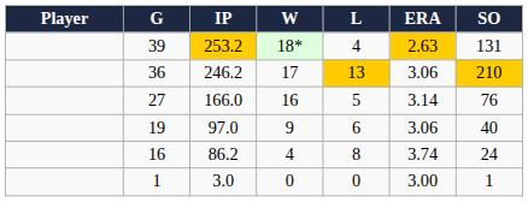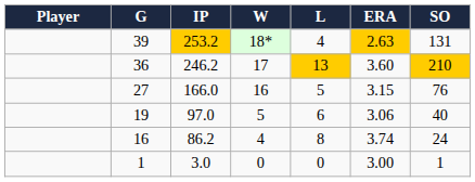 <table class="wikitable sortable" style="text-align:center;">
 <tr>
 <th style="background:#1c2841;color:white;" width="16%">Player</th>
 <th style="background:#1c2841;color:white;" width="9%">G</th>
 <th style="background:#1c2841;color:white;" width="9%">IP</th>
 <th style="background:#1c2841;color:white;" width="9%">W</th>
 <th style="background:#1c2841;color:white;" width="9%">L</th>
 <th style="background:#1c2841;color:white;" width="9%">ERA</th>
 <th style="background:#1c2841;color:white;" width="9%">SO</th>
 </tr>
 <tr align="center">
 <td></td>
 <td>39</td>
 <td style="background:#fc0;">253.2</td>
 <td style="background:#DDFFDD;">18*</td>
 <td>4</td>
 <td style="background:#fc0;">2.63</td>
 <td>131</td>
 </tr>
 <tr align="center">
 <td></td>
 <td>36</td>
 <td>246.2</td>
 <td>17</td>
 <td style="background:#fc0;">13</td>
-<td>3.06</td>
+<td>3.60</td>
 <td style="background:#fc0;">210</td>
 </tr>
 <tr align="center">
 <td></td>
 <td>27</td>
 <td>166.0</td>
 <td>16</td>
 <td>5</td>
-<td>3.14</td>
+<td>3.15</td>
 <td>76</td>
 </tr>
 <tr align="center">
 <td></td>
 <td>19</td>
 <td>97.0</td>
-<td>9</td>
+<td>5</td>
 <td>6</td>
 <td>3.06</td>
 <td>40</td>
 </tr>
 <tr align="center">
 <td></td>
 <td>16</td>
 <td>86.2</td>
 <td>4</td>
 <td>8</td>
 <td>3.74</td>
 <td>24</td>
 </tr>
 <tr align="center">
 <td></td>
 <td>1</td>
 <td>3.0</td>
 <td>0</td>
 <td>0</td>
 <td>3.00</td>
 <td>1</td>
 </tr>
 </table>
